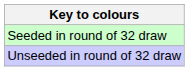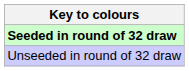 <table class="wikitable">
 <tr>
 <th>Key to colours</th>
 </tr>
 <tr bgcolor=#ccffcc>
-<td>Seeded in round of 32 draw</td>
+<td><strong>Seeded in round of 32 draw</strong></td>
 </tr>
 <tr bgcolor=#ccccff>
 <td>Unseeded in round of 32 draw</td>
 </tr>
 </table>
